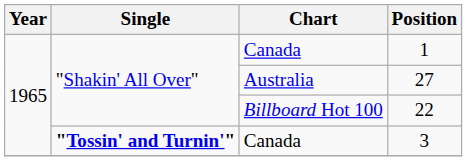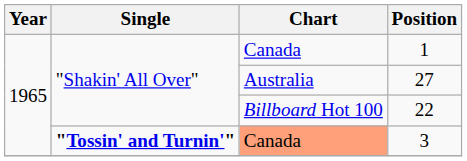 <table class="wikitable">
 <tr>
 <th>Year</th>
 <th>Single</th>
 <th>Chart</th>
 <th>Position</th>
 </tr>
 <tr>
 <td rowspan="4">1965</td>
 <td rowspan="3">"<a href='#'>Shakin' All Over</a>"</td>
 <td><a href='#'>Canada</a></td>
 <td align="center">1</td>
 </tr>
 <tr>
 <td><a href='#'>Australia</a></td>
 <td align="center">27</td>
 </tr>
 <tr>
 <td><a href='#'><em>Billboard</em> Hot 100</a></td>
 <td align="center">22</td>
 </tr>
 <tr>
 <td rowspan="1"><strong>"<a href='#'>Tossin' and Turnin'</a>"</strong></td>
-<td>Canada</td>
+<td style="background: lightsalmon;">Canada</td>
 <td align="center">3</td>
 </tr>
 <tr>
 </tr>
 </table>
